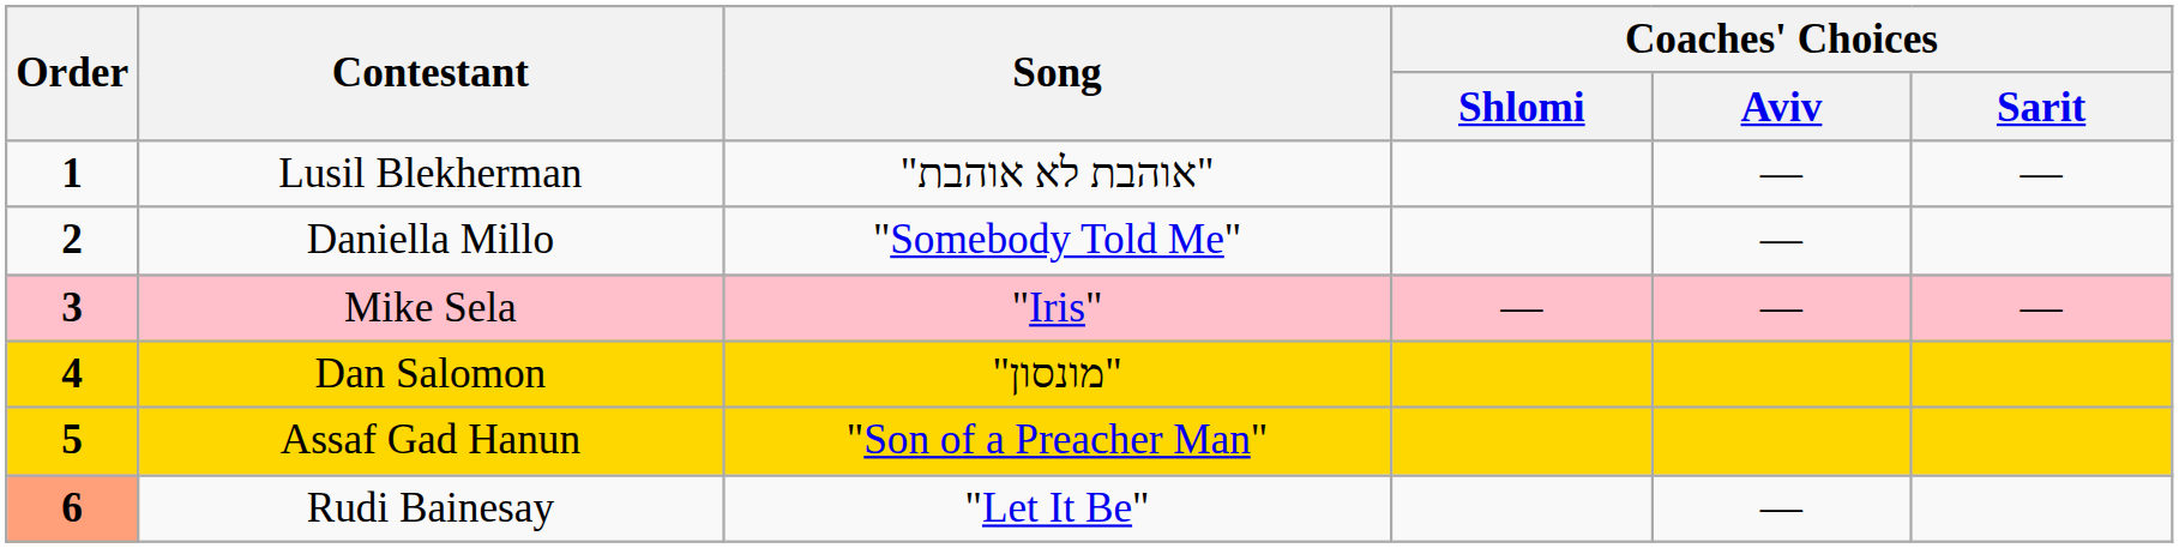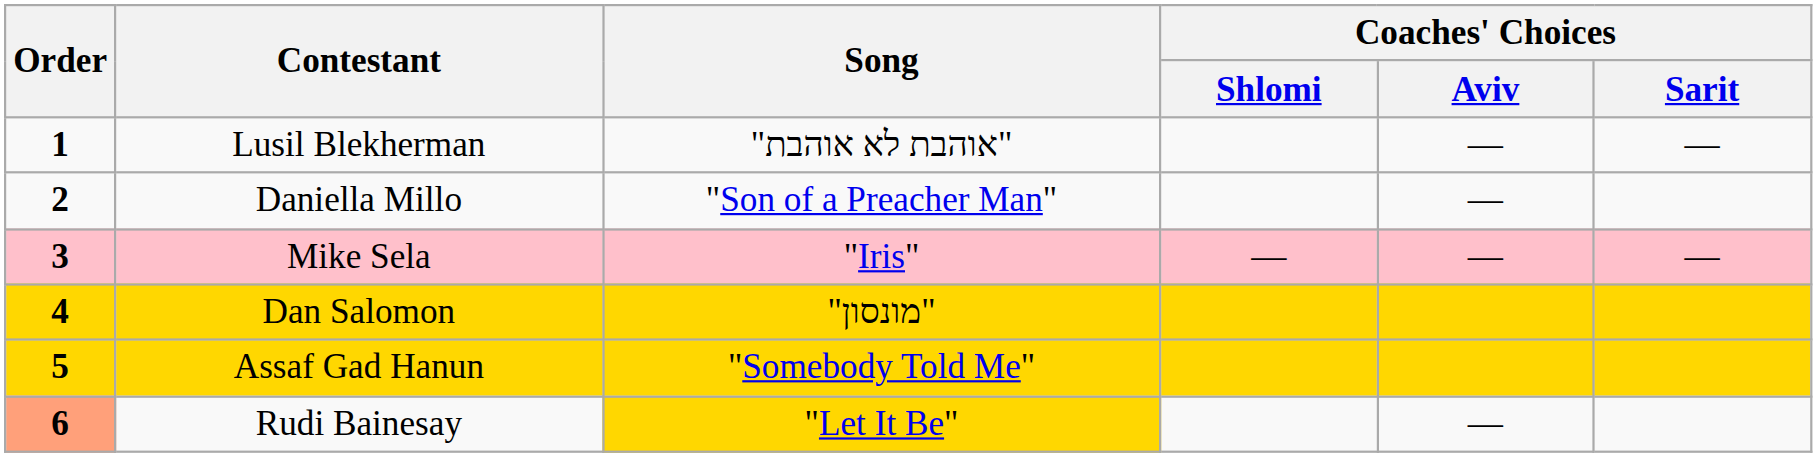 <table class="wikitable" style="text-align: center; width:65%;">
 <tr>
 <th rowspan=2 width="05%">Order</th>
 <th rowspan=2 width="27%">Contestant</th>
 <th rowspan=2>Song</th>
 <th colspan=3>Coaches' Choices</th>
 </tr>
 <tr>
 <th width="12%"><a href='#'>Shlomi</a></th>
 <th width="12%"><a href='#'>Aviv</a></th>
 <th width="12%"><a href='#'>Sarit</a></th>
 </tr>
 <tr>
 <td align="center"><strong>1</strong></td>
 <td>Lusil Blekherman</td>
 <td>"אוהבת לא אוהבת"</td>
 <td style=";text-align:center;"></td>
 <td align="center">—</td>
 <td align="center">—</td>
 </tr>
 <tr>
 <td align="center"><strong>2</strong></td>
 <td>Daniella Millo</td>
-<td>"<a href='#'>Somebody Told Me</a>"</td>
+<td>"<a href='#'>Son of a Preacher Man</a>"</td>
 <td style=";text-align:center;"></td>
 <td align="center">—</td>
 <td style=";text-align:center;"></td>
 </tr>
 <tr bgcolor="pink">
 <td align="center"><strong>3</strong></td>
 <td>Mike Sela</td>
 <td>"<a href='#'>Iris</a>"</td>
 <td align="center">—</td>
 <td align="center">—</td>
 <td align="center">—</td>
 </tr>
 <tr bgcolor="gold">
 <td align="center"><strong>4</strong></td>
 <td>Dan Salomon</td>
 <td>"מונסון"</td>
 <td style=";text-align:center;"></td>
 <td style=";text-align:center;"></td>
 <td style=";text-align:center;"></td>
 </tr>
 <tr bgcolor="gold">
 <td align="center"><strong>5</strong></td>
 <td>Assaf Gad Hanun</td>
-<td>"<a href='#'>Son of a Preacher Man</a>"</td>
+<td>"<a href='#'>Somebody Told Me</a>"</td>
 <td style=";text-align:center;"></td>
 <td style=";text-align:center;"></td>
 <td style=";text-align:center;"></td>
 </tr>
 <tr>
 <td align="center" style="background: lightsalmon;"><strong>6</strong></td>
 <td>Rudi Bainesay</td>
-<td>"<a href='#'>Let It Be</a>"</td>
+<td style="background: gold;">"<a href='#'>Let It Be</a>"</td>
 <td style=";text-align:center;"></td>
 <td align="center">—</td>
 <td style=";text-align:center;"></td>
 </tr>
 </table>
